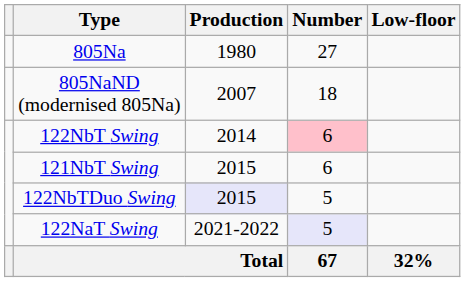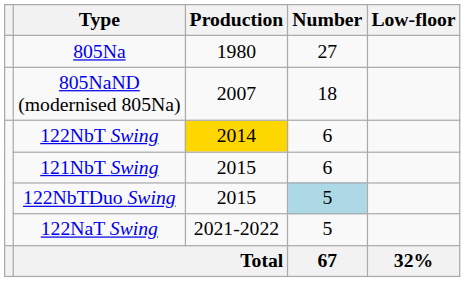 <table class="wikitable" style="text-align:center;">
 <tr>
 <th></th>
 <th>Type</th>
 <th>Production</th>
 <th>Number</th>
 <th>Low-floor</th>
 </tr>
 <tr>
 <td></td>
 <td><a href='#'>805Na</a></td>
 <td>1980</td>
 <td>27</td>
 <td></td>
 </tr>
 <tr>
 <td></td>
 <td><a href='#'>805NaND</a><br>(modernised 805Na)</td>
 <td>2007</td>
 <td>18</td>
 <td></td>
 </tr>
 <tr>
 <td rowspan="4"></td>
 <td><a href='#'>122NbT <em>Swing</em></a></td>
-<td>2014</td>
-<td style="background: pink;">6</td>
+<td style="background: gold;">2014</td>
+<td>6</td>
 <td></td>
 </tr>
 <tr>
 <td><a href='#'>121NbT <em>Swing</em></a></td>
 <td>2015</td>
 <td>6</td>
 <td></td>
 </tr>
 <tr>
 <td><a href='#'>122NbTDuo <em>Swing</em></a></td>
-<td style="background: lavender;">2015</td>
-<td>5</td>
+<td>2015</td>
+<td style="background: lightblue;">5</td>
 <td></td>
 </tr>
 <tr>
 <td><a href='#'>122NaT <em>Swing</em></a></td>
 <td>2021-2022</td>
-<td style="background: lavender;">5</td>
+<td>5</td>
 <td></td>
 </tr>
 <tr>
 <th></th>
 <th colspan="2" style="text-align:right">Total</th>
 <th>67</th>
 <th>32%</th>
 </tr>
 </table>
